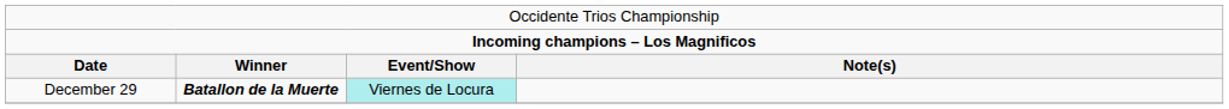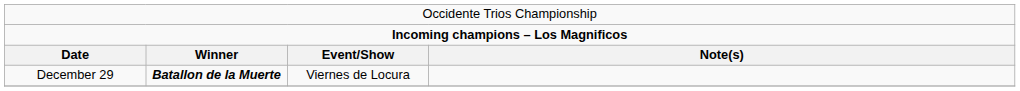 <table class="wikitable" style="text-align:center; width:100%;">
 <tr>
 <td colspan="5" style="text-align: center;">Occidente Trios Championship</td>
 </tr>
 <tr>
 <td colspan="5" style="text-align: center;"><strong>Incoming champions – Los Magnificos </strong></td>
 </tr>
 <tr>
 <th width=14%>Date</th>
 <th width=14%>Winner</th>
 <th width=14%>Event/Show</th>
 <th width=58%>Note(s)</th>
 </tr>
 <tr>
 <td>December 29</td>
 <td><strong><em>Batallon de la Muerte</em><br></strong></td>
-<td style="background: paleturquoise;">Viernes de Locura</td>
+<td>Viernes de Locura</td>
 <td></td>
 </tr>
 <tr>
 </tr>
 </table>
